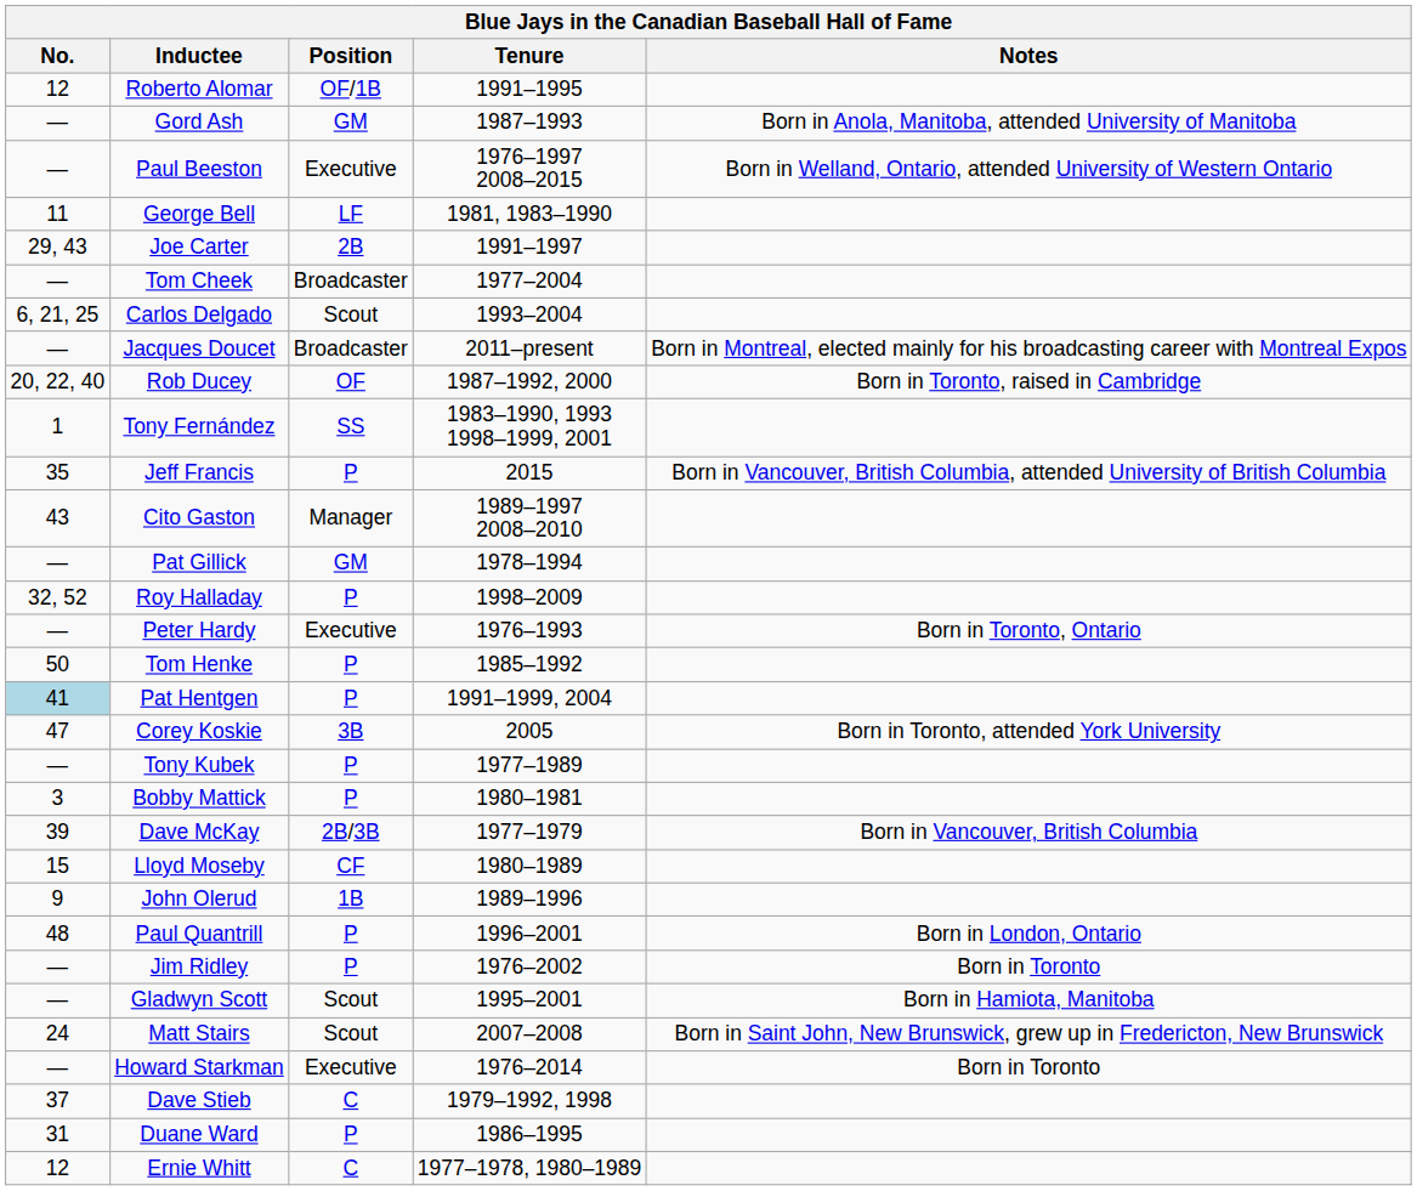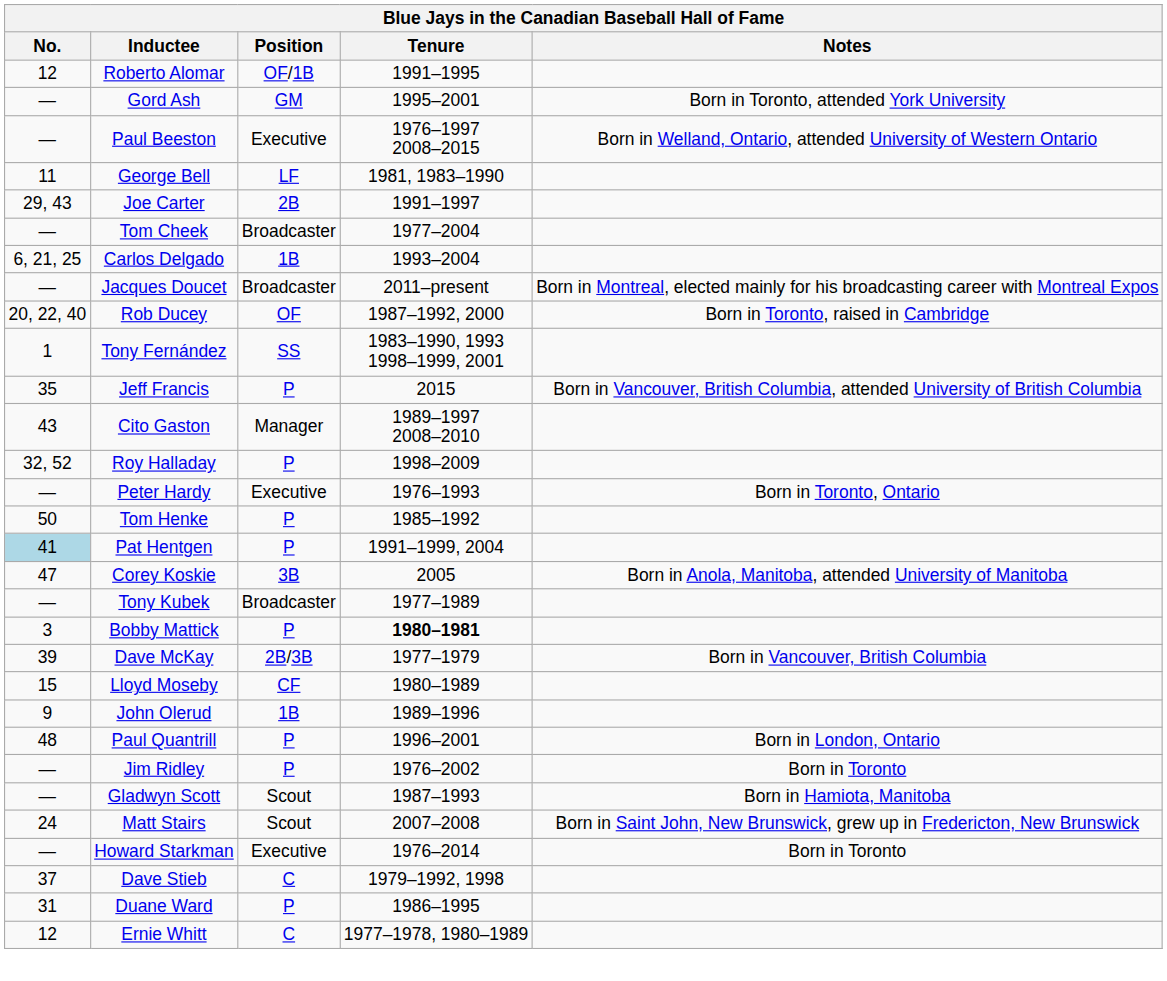 <table class="wikitable" style="text-align:center">
 <tr>
 <th colspan=5>Blue Jays in the Canadian Baseball Hall of Fame</th>
 </tr>
 <tr>
 <th>No.</th>
 <th>Inductee</th>
 <th>Position</th>
 <th>Tenure</th>
 <th>Notes</th>
 </tr>
 <tr>
 <td>12</td>
 <td><a href='#'>Roberto Alomar</a></td>
 <td><a href='#'>OF</a>/<a href='#'>1B</a></td>
 <td>1991–1995</td>
 <td></td>
 </tr>
 <tr>
 <td>—</td>
 <td><a href='#'>Gord Ash</a></td>
 <td><a href='#'>GM</a></td>
-<td>1987–1993</td>
-<td>Born in <a href='#'>Anola, Manitoba</a>, attended <a href='#'>University of Manitoba</a></td>
+<td>1995–2001</td>
+<td>Born in Toronto, attended <a href='#'>York University</a></td>
 </tr>
 <tr>
 <td>—</td>
 <td><a href='#'>Paul Beeston</a></td>
 <td>Executive</td>
 <td>1976–1997<br>2008–2015</td>
 <td>Born in <a href='#'>Welland, Ontario</a>, attended <a href='#'>University of Western Ontario</a></td>
 </tr>
 <tr>
 <td>11</td>
 <td><a href='#'>George Bell</a></td>
 <td><a href='#'>LF</a></td>
 <td>1981, 1983–1990</td>
 <td></td>
 </tr>
 <tr>
 <td>29, 43</td>
 <td><a href='#'>Joe Carter</a></td>
 <td><a href='#'>2B</a></td>
 <td>1991–1997</td>
 <td></td>
 </tr>
 <tr>
 <td>—</td>
 <td><a href='#'>Tom Cheek</a></td>
 <td>Broadcaster</td>
 <td>1977–2004</td>
 <td></td>
 </tr>
 <tr>
 <td>6, 21, 25</td>
 <td><a href='#'>Carlos Delgado</a></td>
-<td>Scout</td>
+<td><a href='#'>1B</a></td>
 <td>1993–2004</td>
 <td></td>
 </tr>
 <tr>
 <td>—</td>
 <td><a href='#'>Jacques Doucet</a></td>
 <td>Broadcaster</td>
 <td>2011–present</td>
 <td>Born in <a href='#'>Montreal</a>, elected mainly for his broadcasting career with <a href='#'>Montreal Expos</a></td>
 </tr>
 <tr>
 <td>20, 22, 40</td>
 <td><a href='#'>Rob Ducey</a></td>
 <td><a href='#'>OF</a></td>
 <td>1987–1992, 2000</td>
 <td>Born in <a href='#'>Toronto</a>, raised in <a href='#'>Cambridge</a></td>
 </tr>
 <tr>
 <td>1</td>
 <td><a href='#'>Tony Fernández</a></td>
 <td><a href='#'>SS</a></td>
 <td>1983–1990, 1993<br>1998–1999, 2001</td>
 <td></td>
 </tr>
 <tr>
 <td>35</td>
 <td><a href='#'>Jeff Francis</a></td>
 <td><a href='#'>P</a></td>
 <td>2015</td>
 <td>Born in <a href='#'>Vancouver, British Columbia</a>, attended <a href='#'>University of British Columbia</a></td>
 </tr>
 <tr>
 <td>43</td>
 <td><a href='#'>Cito Gaston</a></td>
 <td>Manager</td>
 <td>1989–1997<br>2008–2010</td>
 <td></td>
 </tr>
 <tr>
-<td>—</td>
-<td><a href='#'>Pat Gillick</a></td>
-<td><a href='#'>GM</a></td>
-<td>1978–1994</td>
-<td></td>
-</tr>
-<tr>
 <td>32, 52</td>
 <td><a href='#'>Roy Halladay</a></td>
 <td><a href='#'>P</a></td>
 <td>1998–2009</td>
 <td></td>
 </tr>
 <tr>
 <td>—</td>
 <td><a href='#'>Peter Hardy</a></td>
 <td>Executive</td>
 <td>1976–1993</td>
 <td>Born in <a href='#'>Toronto</a>, <a href='#'>Ontario</a></td>
 </tr>
 <tr>
 <td>50</td>
 <td><a href='#'>Tom Henke</a></td>
 <td><a href='#'>P</a></td>
 <td>1985–1992</td>
 <td></td>
 </tr>
 <tr>
 <td style="background: lightblue;">41</td>
 <td><a href='#'>Pat Hentgen</a></td>
 <td><a href='#'>P</a></td>
 <td>1991–1999, 2004</td>
 <td></td>
 </tr>
 <tr>
 <td>47</td>
 <td><a href='#'>Corey Koskie</a></td>
 <td><a href='#'>3B</a></td>
 <td>2005</td>
-<td>Born in Toronto, attended <a href='#'>York University</a></td>
+<td>Born in <a href='#'>Anola, Manitoba</a>, attended <a href='#'>University of Manitoba</a></td>
 </tr>
 <tr>
 <td>—</td>
 <td><a href='#'>Tony Kubek</a></td>
-<td><a href='#'>P</a></td>
+<td>Broadcaster</td>
 <td>1977–1989</td>
 <td></td>
 </tr>
 <tr>
 <td>3</td>
 <td><a href='#'>Bobby Mattick</a></td>
 <td><a href='#'>P</a></td>
-<td>1980–1981</td>
+<td><strong>1980–1981</strong></td>
 <td></td>
 </tr>
 <tr>
 <td>39</td>
 <td><a href='#'>Dave McKay</a></td>
 <td><a href='#'>2B</a>/<a href='#'>3B</a></td>
 <td>1977–1979</td>
 <td>Born in <a href='#'>Vancouver, British Columbia</a></td>
 </tr>
 <tr>
 <td>15</td>
 <td><a href='#'>Lloyd Moseby</a></td>
 <td><a href='#'>CF</a></td>
 <td>1980–1989</td>
 <td></td>
 </tr>
 <tr>
 <td>9</td>
 <td><a href='#'>John Olerud</a></td>
 <td><a href='#'>1B</a></td>
 <td>1989–1996</td>
 <td></td>
 </tr>
 <tr>
 <td>48</td>
 <td><a href='#'>Paul Quantrill</a></td>
 <td><a href='#'>P</a></td>
 <td>1996–2001</td>
 <td>Born in <a href='#'>London, Ontario</a></td>
 </tr>
 <tr>
 <td>—</td>
 <td><a href='#'>Jim Ridley</a></td>
 <td><a href='#'>P</a></td>
 <td>1976–2002</td>
 <td>Born in <a href='#'>Toronto</a></td>
 </tr>
 <tr>
 <td>—</td>
 <td><a href='#'>Gladwyn Scott</a></td>
 <td>Scout</td>
-<td>1995–2001</td>
+<td>1987–1993</td>
 <td>Born in <a href='#'>Hamiota, Manitoba</a></td>
 </tr>
 <tr>
 <td>24</td>
 <td><a href='#'>Matt Stairs</a></td>
 <td>Scout</td>
 <td>2007–2008</td>
 <td>Born in <a href='#'>Saint John, New Brunswick</a>, grew up in <a href='#'>Fredericton, New Brunswick</a></td>
 </tr>
 <tr>
 <td>—</td>
 <td><a href='#'>Howard Starkman</a></td>
 <td>Executive</td>
 <td>1976–2014</td>
 <td>Born in Toronto</td>
 </tr>
 <tr>
 <td>37</td>
 <td><a href='#'>Dave Stieb</a></td>
 <td><a href='#'>C</a></td>
 <td>1979–1992, 1998</td>
 <td></td>
 </tr>
 <tr>
 <td>31</td>
 <td><a href='#'>Duane Ward</a></td>
 <td><a href='#'>P</a></td>
 <td>1986–1995</td>
 <td></td>
 </tr>
 <tr>
 <td>12</td>
 <td><a href='#'>Ernie Whitt</a></td>
 <td><a href='#'>C</a></td>
 <td>1977–1978, 1980–1989</td>
 <td></td>
 </tr>
 </table>
